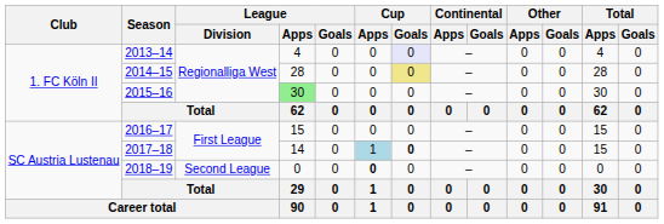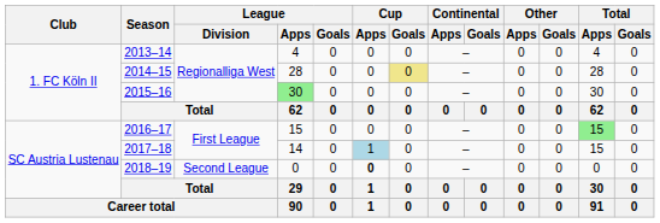 <table class="wikitable" style="text-align: center">
 <tr>
 <th rowspan="2">Club</th>
 <th rowspan="2">Season</th>
 <th colspan="3">League</th>
 <th colspan="2">Cup</th>
 <th colspan="2">Continental</th>
 <th colspan="2">Other</th>
 <th colspan="2">Total</th>
 </tr>
 <tr>
 <th>Division</th>
 <th>Apps</th>
 <th>Goals</th>
 <th>Apps</th>
 <th>Goals</th>
 <th>Apps</th>
 <th>Goals</th>
 <th>Apps</th>
 <th>Goals</th>
 <th>Apps</th>
 <th>Goals</th>
 </tr>
 <tr>
 <td rowspan="4"><a href='#'>1. FC Köln II</a></td>
 <td><a href='#'>2013–14</a></td>
 <td rowspan="3"><a href='#'>Regionalliga West</a></td>
 <td>4</td>
 <td>0</td>
 <td>0</td>
-<td style="background: lavender;">0</td>
+<td>0</td>
 <td colspan="2">–</td>
 <td>0</td>
 <td>0</td>
 <td>4</td>
 <td>0</td>
 </tr>
 <tr>
 <td><a href='#'>2014–15</a></td>
 <td>28</td>
 <td>0</td>
 <td>0</td>
 <td style="background: khaki;">0</td>
 <td colspan="2">–</td>
 <td>0</td>
 <td>0</td>
 <td>28</td>
 <td>0</td>
 </tr>
 <tr>
 <td><a href='#'>2015–16</a></td>
 <td style="background: lightgreen;">30</td>
 <td>0</td>
 <td>0</td>
 <td>0</td>
 <td colspan="2">–</td>
 <td>0</td>
 <td>0</td>
 <td>30</td>
 <td>0</td>
 </tr>
 <tr>
 <th colspan=2>Total</th>
 <th>62</th>
 <th>0</th>
 <th>0</th>
 <th>0</th>
 <th>0</th>
 <th>0</th>
 <th>0</th>
 <th>0</th>
 <th>62</th>
 <th>0</th>
 </tr>
 <tr>
 <td rowspan="4"><a href='#'>SC Austria Lustenau</a></td>
 <td><a href='#'>2016–17</a></td>
 <td rowspan="2"><a href='#'>First League</a></td>
 <td>15</td>
 <td>0</td>
 <td>0</td>
 <td>0</td>
 <td colspan="2">–</td>
 <td>0</td>
 <td>0</td>
-<td>15</td>
+<td style="background: lightgreen;">15</td>
 <td>0</td>
 </tr>
 <tr>
 <td><a href='#'>2017–18</a></td>
 <td>14</td>
 <td>0</td>
 <td style="background: lightblue;">1</td>
-<td><strong>0</strong></td>
+<td>0</td>
 <td colspan="2">–</td>
 <td>0</td>
 <td>0</td>
 <td>15</td>
 <td>0</td>
 </tr>
 <tr>
 <td><a href='#'>2018–19</a></td>
 <td><a href='#'>Second League</a></td>
 <td>0</td>
 <td>0</td>
 <td><strong>0</strong></td>
 <td>0</td>
 <td colspan="2">–</td>
 <td>0</td>
 <td>0</td>
 <td>0</td>
 <td>0</td>
 </tr>
 <tr>
 <th colspan=2>Total</th>
 <th>29</th>
 <th>0</th>
 <th>1</th>
 <th>0</th>
 <th>0</th>
 <th>0</th>
 <th>0</th>
 <th>0</th>
 <th>30</th>
 <th>0</th>
 </tr>
 <tr>
 <th colspan=3>Career total</th>
 <th>90</th>
 <th>0</th>
 <th>1</th>
 <th>0</th>
 <th>0</th>
 <th>0</th>
 <th>0</th>
 <th>0</th>
 <th>91</th>
 <th>0</th>
 </tr>
 </table>
